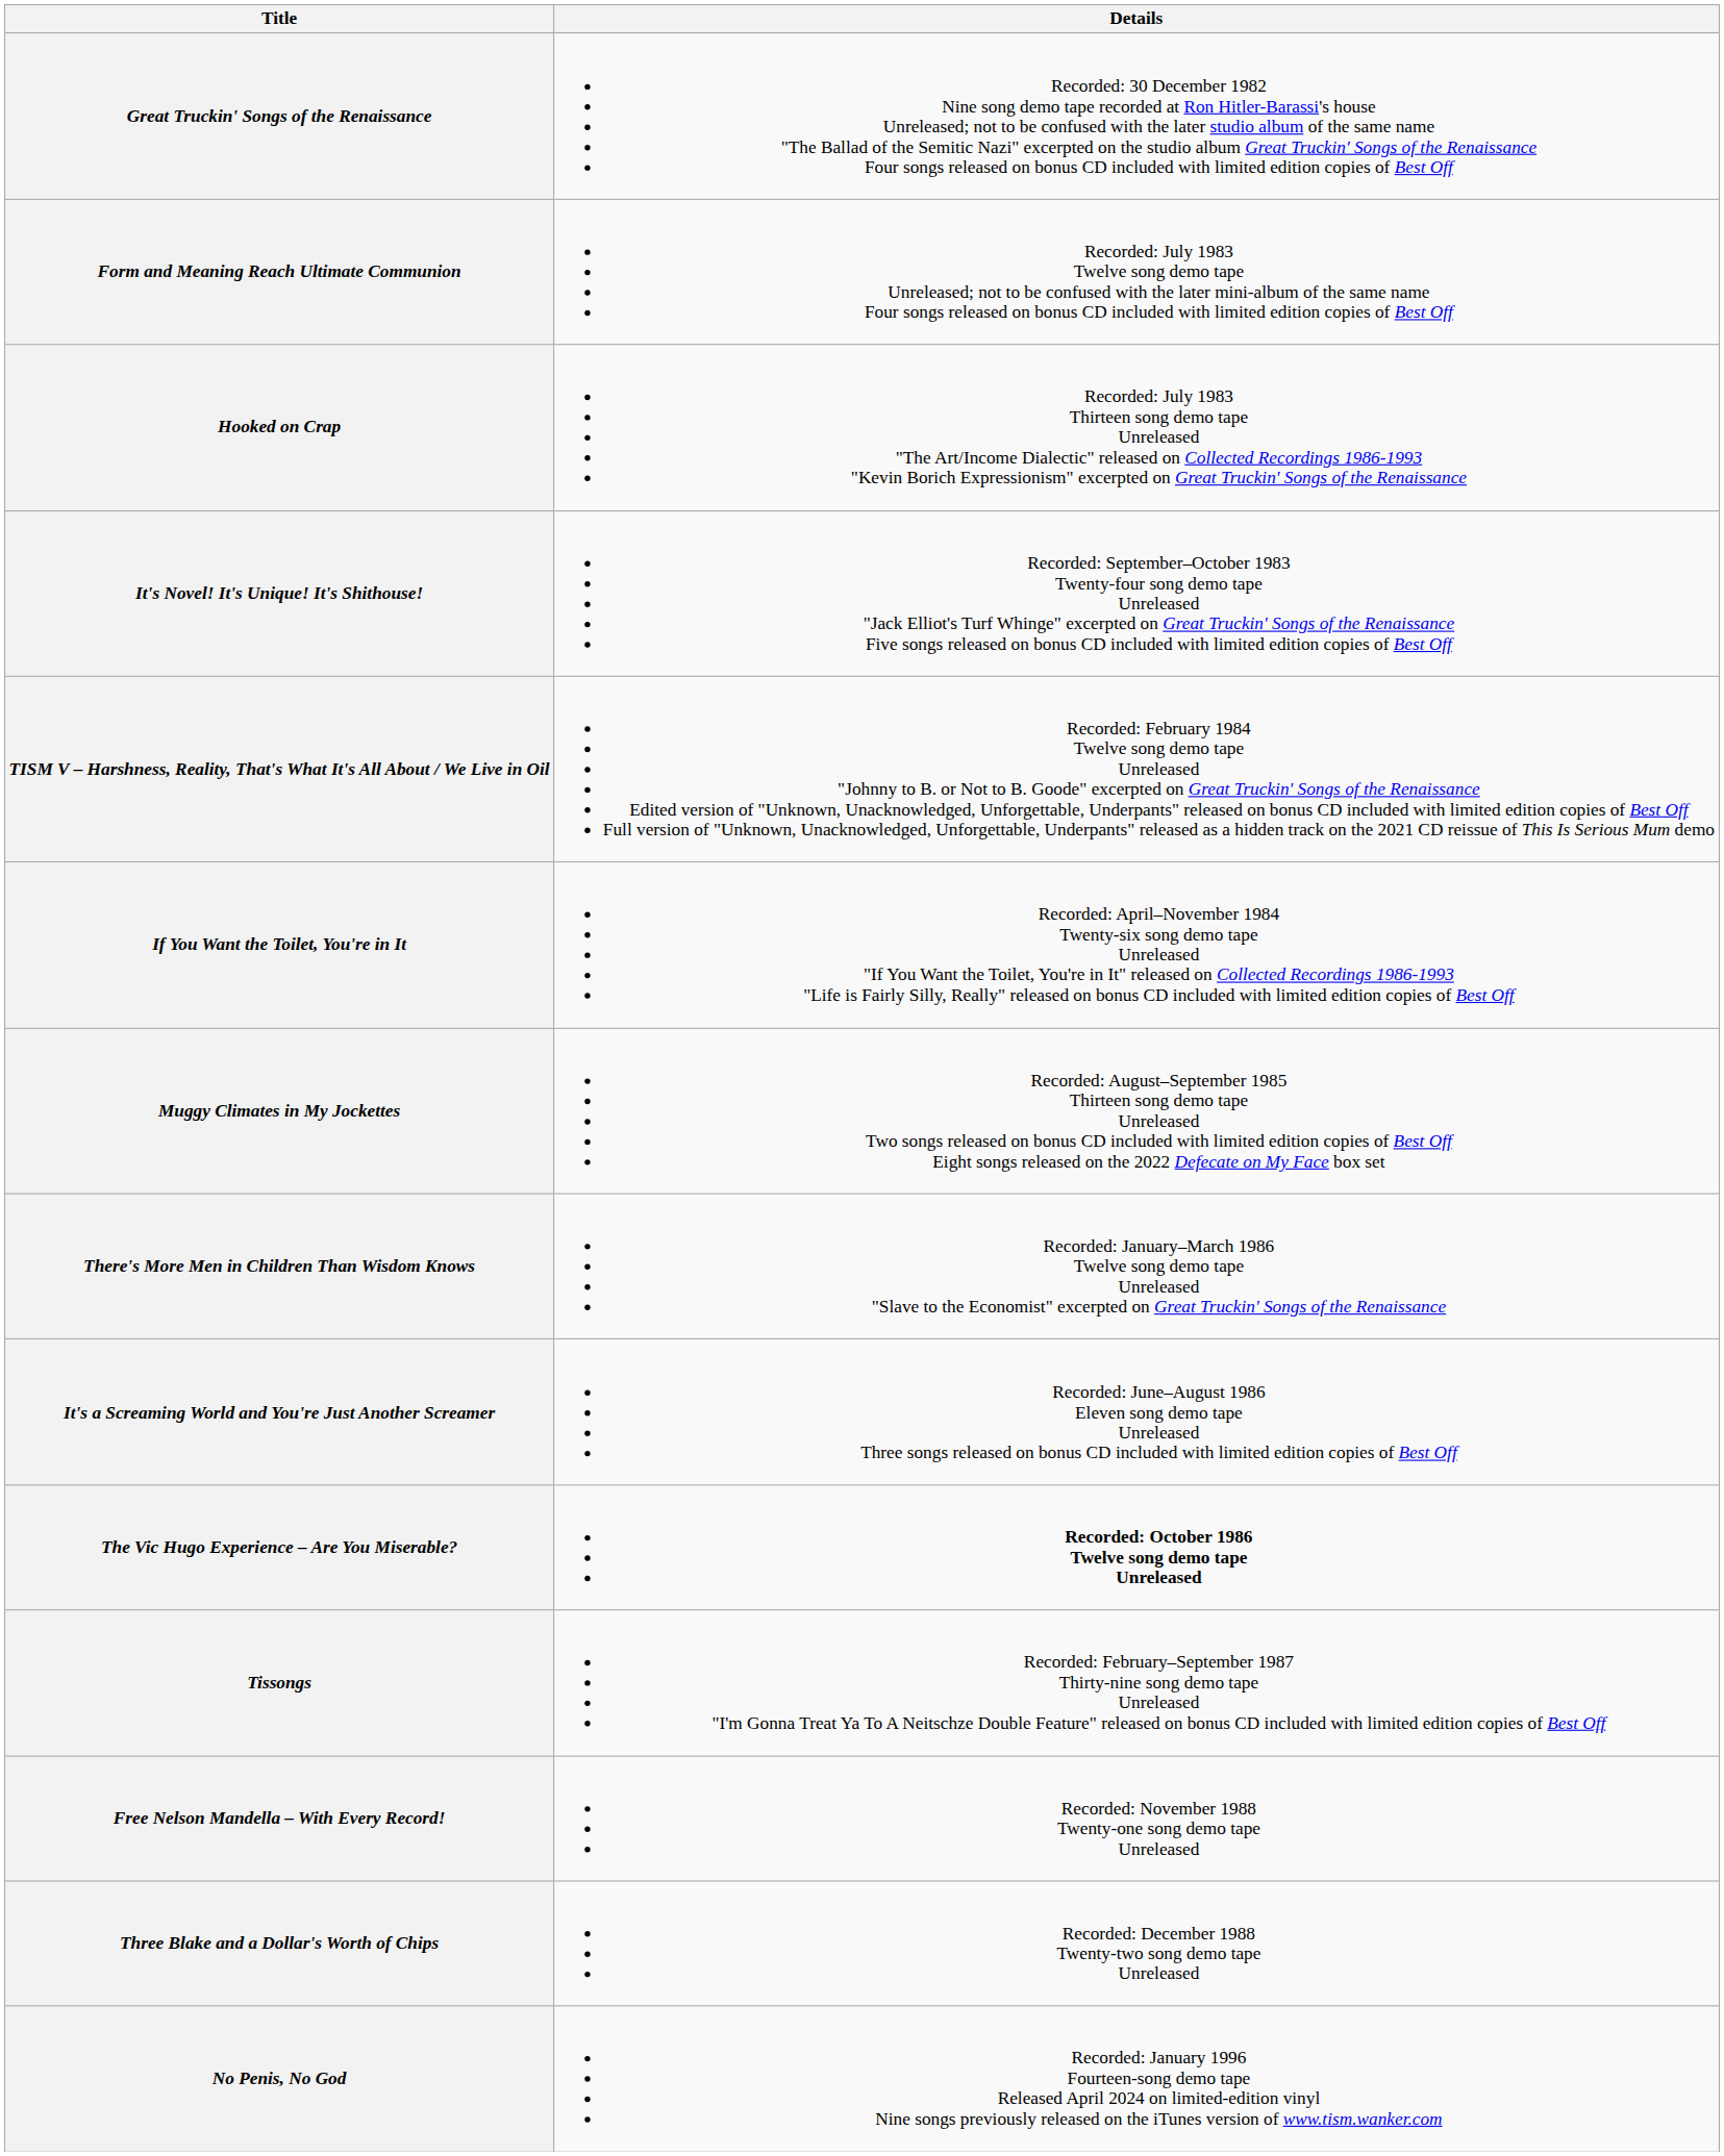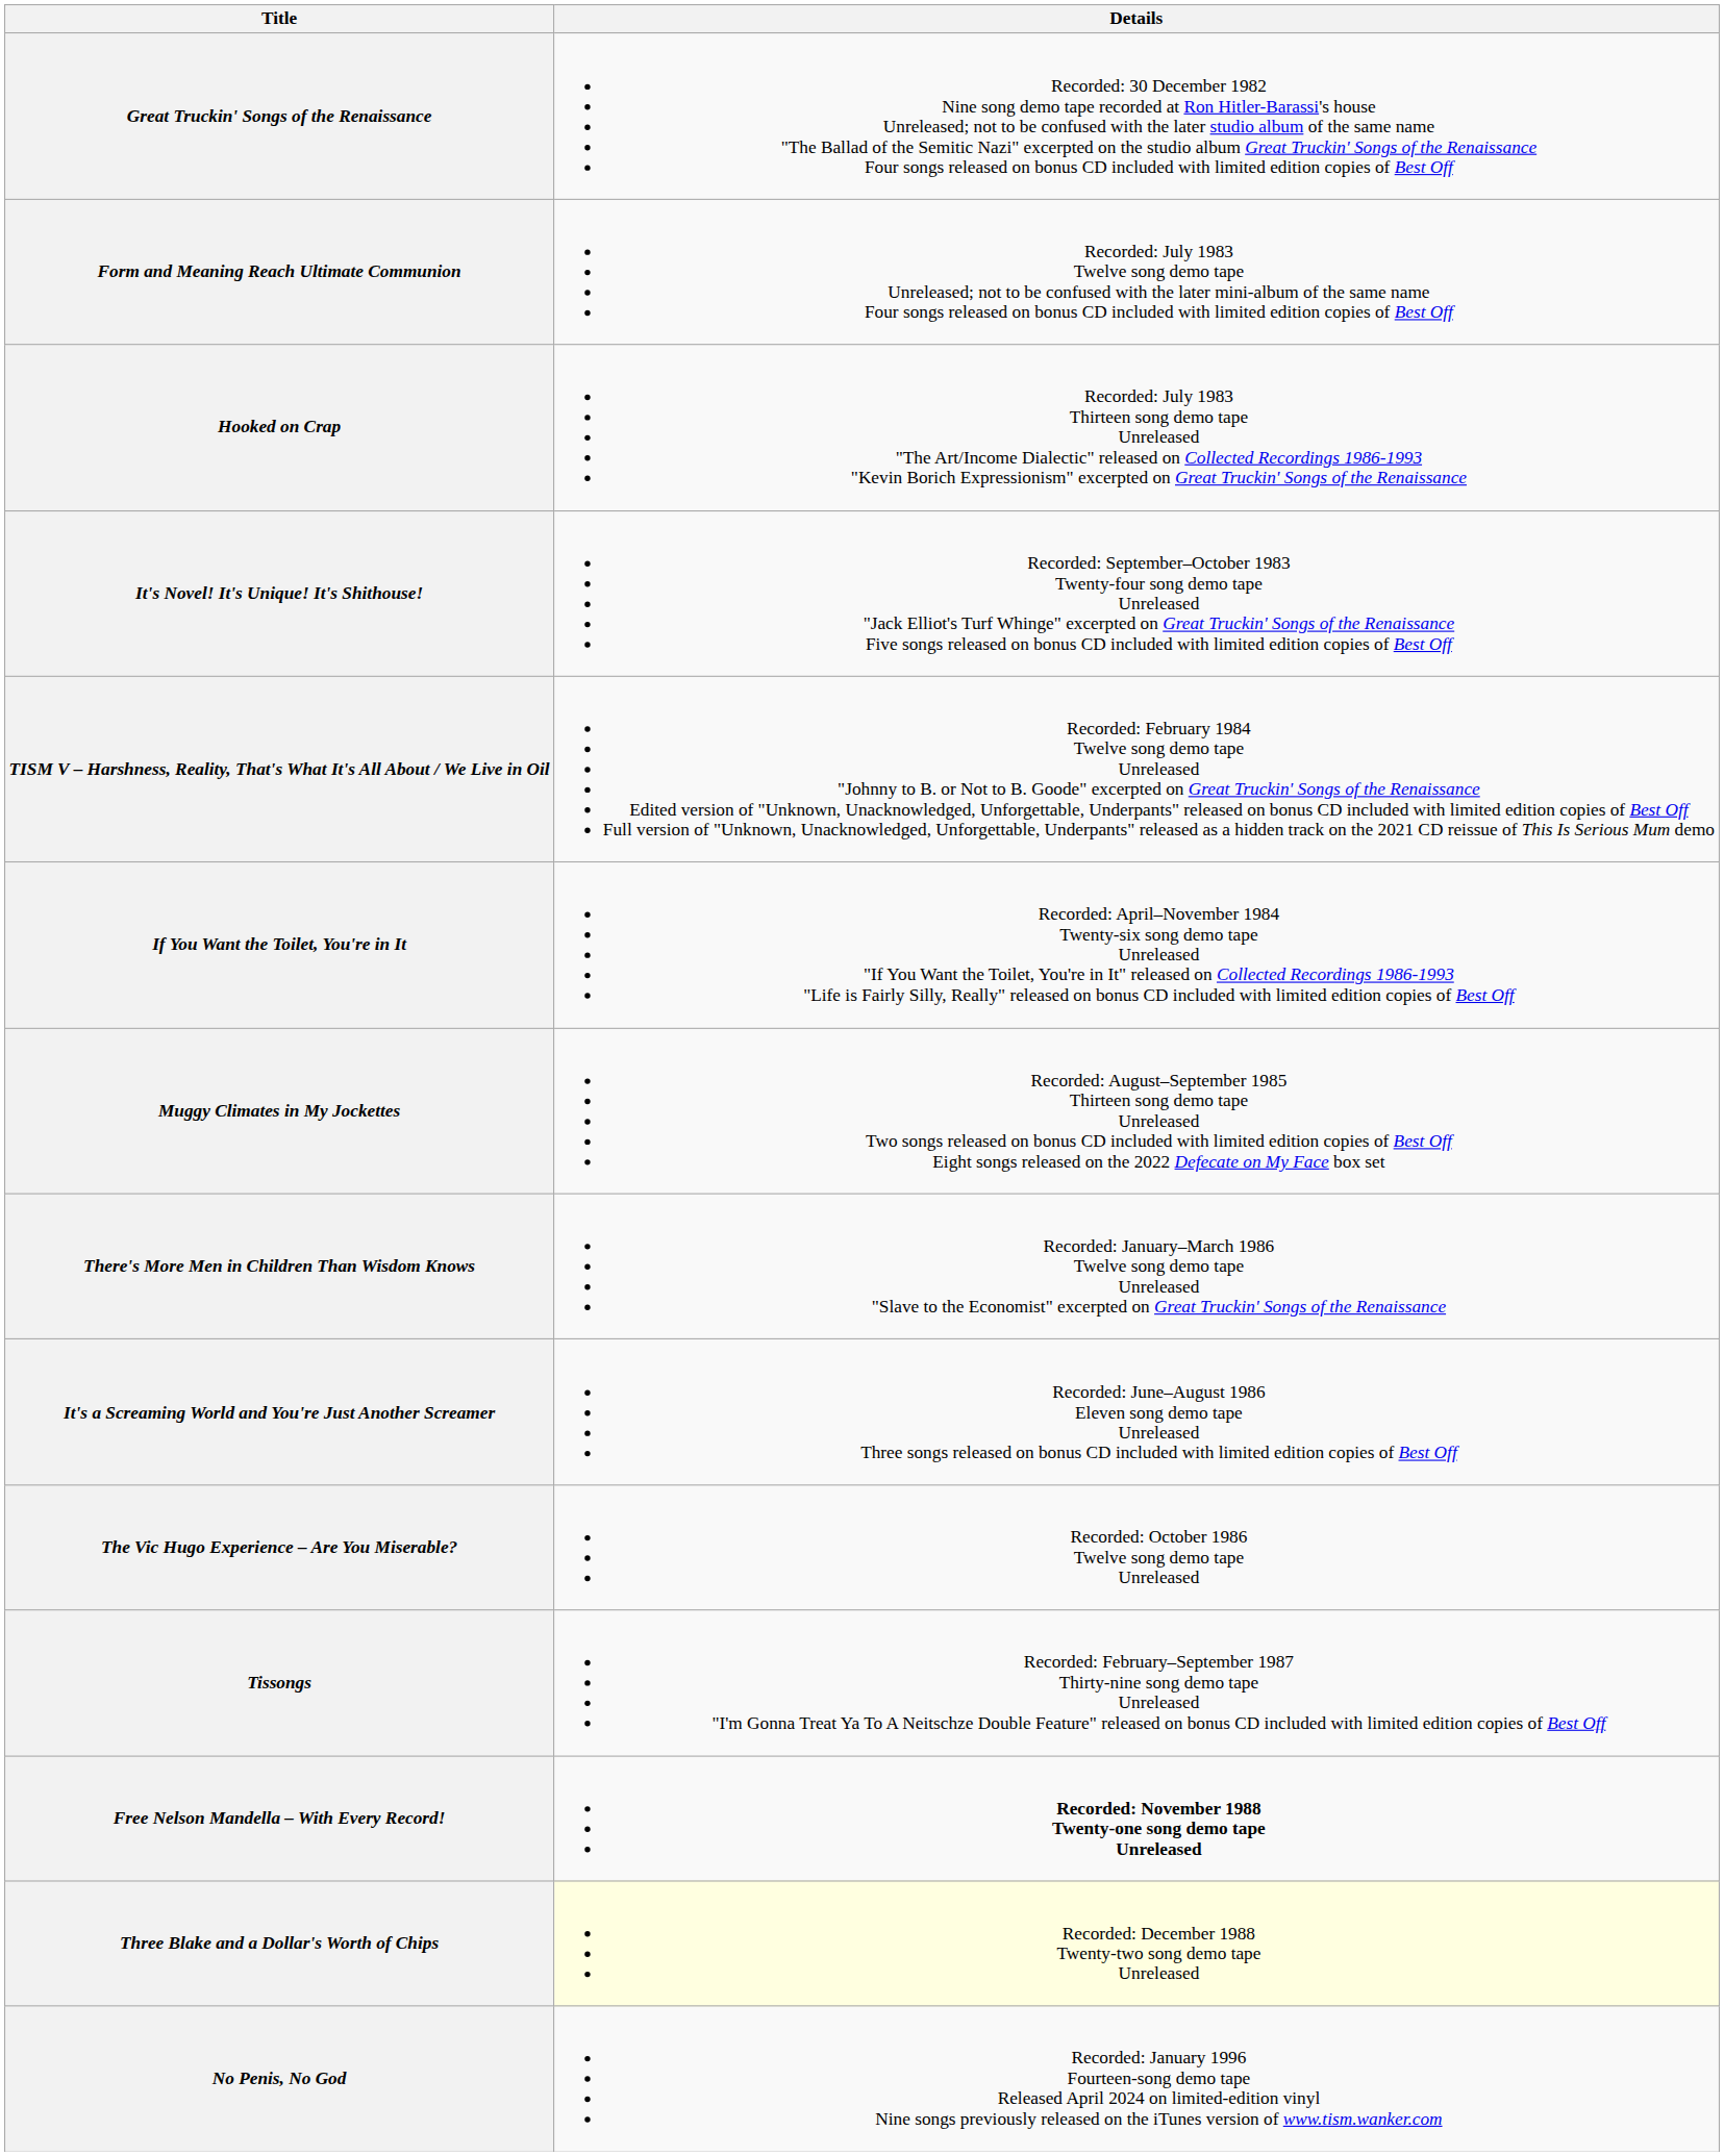 <table class="wikitable plainrowheaders" style="text-align:center;" border="1">
 <tr>
 <th scope="col">Title</th>
 <th scope="col">Details</th>
 </tr>
 <tr>
 <th scope="row"><em>Great Truckin' Songs of the Renaissance</em></th>
 <td><br><ul><li>Recorded: 30 December 1982</li><li>Nine song demo tape recorded at <a href='#'>Ron Hitler-Barassi</a>'s house</li><li>Unreleased; not to be confused with the later <a href='#'>studio album</a> of the same name</li><li>"The Ballad of the Semitic Nazi" excerpted on the studio album <em><a href='#'>Great Truckin' Songs of the Renaissance</a></em></li><li>Four songs released on bonus CD included with limited edition copies of <em><a href='#'>Best Off</a></em></li></ul></td>
 </tr>
 <tr>
 <th scope="row"><em>Form and Meaning Reach Ultimate Communion</em></th>
 <td><br><ul><li>Recorded: July 1983</li><li>Twelve song demo tape</li><li>Unreleased; not to be confused with the later mini-album of the same name</li><li>Four songs released on bonus CD included with limited edition copies of <em><a href='#'>Best Off</a></em></li></ul></td>
 </tr>
 <tr>
 <th scope="row"><em>Hooked on Crap</em></th>
 <td><br><ul><li>Recorded: July 1983</li><li>Thirteen song demo tape</li><li>Unreleased</li><li>"The Art/Income Dialectic" released on <em><a href='#'>Collected Recordings 1986-1993</a></em></li><li>"Kevin Borich Expressionism" excerpted on <em><a href='#'>Great Truckin' Songs of the Renaissance</a></em></li></ul></td>
 </tr>
 <tr>
 <th scope="row"><em>It's Novel! It's Unique! It's Shithouse!</em></th>
 <td><br><ul><li>Recorded: September–October 1983</li><li>Twenty-four song demo tape</li><li>Unreleased</li><li>"Jack Elliot's Turf Whinge" excerpted on <em><a href='#'>Great Truckin' Songs of the Renaissance</a></em></li><li>Five songs released on bonus CD included with limited edition copies of <em><a href='#'>Best Off</a></em></li></ul></td>
 </tr>
 <tr>
 <th scope="row"><em>TISM V – Harshness, Reality, That's What It's All About / We Live in Oil</em></th>
 <td><br><ul><li>Recorded: February 1984</li><li>Twelve song demo tape</li><li>Unreleased</li><li>"Johnny to B. or Not to B. Goode" excerpted on <em><a href='#'>Great Truckin' Songs of the Renaissance</a></em></li><li>Edited version of "Unknown, Unacknowledged, Unforgettable, Underpants" released on bonus CD included with limited edition copies of <em><a href='#'>Best Off</a></em></li><li>Full version of "Unknown, Unacknowledged, Unforgettable, Underpants" released as a hidden track on the 2021 CD reissue of <em>This Is Serious Mum</em> demo</li></ul></td>
 </tr>
 <tr>
 <th scope="row"><em>If You Want the Toilet, You're in It</em></th>
 <td><br><ul><li>Recorded: April–November 1984</li><li>Twenty-six song demo tape</li><li>Unreleased</li><li>"If You Want the Toilet, You're in It" released on <em><a href='#'>Collected Recordings 1986-1993</a></em></li><li>"Life is Fairly Silly, Really" released on bonus CD included with limited edition copies of <em><a href='#'>Best Off</a></em></li></ul></td>
 </tr>
 <tr>
 <th scope="row"><em>Muggy Climates in My Jockettes</em></th>
 <td><br><ul><li>Recorded: August–September 1985</li><li>Thirteen song demo tape</li><li>Unreleased</li><li>Two songs released on bonus CD included with limited edition copies of <em><a href='#'>Best Off</a></em></li><li>Eight songs released on the 2022 <em><a href='#'>Defecate on My Face</a></em> box set</li></ul></td>
 </tr>
 <tr>
 <th scope="row"><em>There's More Men in Children Than Wisdom Knows</em></th>
 <td><br><ul><li>Recorded: January–March 1986</li><li>Twelve song demo tape</li><li>Unreleased</li><li>"Slave to the Economist" excerpted on <em><a href='#'>Great Truckin' Songs of the Renaissance</a></em></li></ul></td>
 </tr>
 <tr>
 <th scope="row"><em>It's a Screaming World and You're Just Another Screamer</em></th>
 <td><br><ul><li>Recorded: June–August 1986</li><li>Eleven song demo tape</li><li>Unreleased</li><li>Three songs released on bonus CD included with limited edition copies of <em><a href='#'>Best Off</a></em></li></ul></td>
 </tr>
 <tr>
 <th scope="row"><em>The Vic Hugo Experience – Are You Miserable?</em></th>
-<td><strong><br><ul><li>Recorded: October 1986</li><li>Twelve song demo tape</li><li>Unreleased</li></ul></strong></td>
+<td><br><ul><li>Recorded: October 1986</li><li>Twelve song demo tape</li><li>Unreleased</li></ul></td>
 </tr>
 <tr>
 <th scope="row"><em>Tissongs</em></th>
 <td><br><ul><li>Recorded: February–September 1987</li><li>Thirty-nine song demo tape</li><li>Unreleased</li><li>"I'm Gonna Treat Ya To A Neitschze Double Feature" released on bonus CD included with limited edition copies of <em><a href='#'>Best Off</a></em></li></ul></td>
 </tr>
 <tr>
 <th scope="row"><em>Free Nelson Mandella – With Every Record!</em></th>
-<td><br><ul><li>Recorded: November 1988</li><li>Twenty-one song demo tape</li><li>Unreleased</li></ul></td>
+<td><strong><br><ul><li>Recorded: November 1988</li><li>Twenty-one song demo tape</li><li>Unreleased</li></ul></strong></td>
 </tr>
 <tr>
 <th scope="row"><em>Three Blake and a Dollar's Worth of Chips</em></th>
-<td><br><ul><li>Recorded: December 1988</li><li>Twenty-two song demo tape</li><li>Unreleased</li></ul></td>
+<td style="background: lightyellow;"><br><ul><li>Recorded: December 1988</li><li>Twenty-two song demo tape</li><li>Unreleased</li></ul></td>
 </tr>
 <tr>
 <th scope="row"><em>No Penis, No God</em></th>
 <td><br><ul><li>Recorded: January 1996</li><li>Fourteen-song demo tape</li><li>Released April 2024 on limited-edition vinyl</li><li>Nine songs previously released on the iTunes version of <em><a href='#'>www.tism.wanker.com</a></em></li></ul></td>
 </tr>
 </table>
